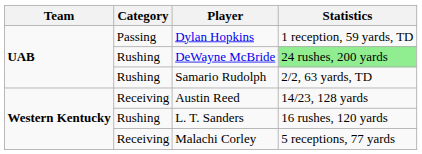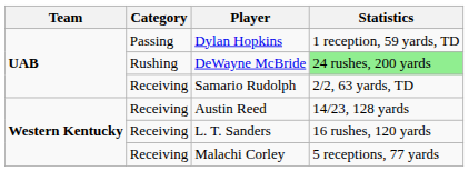 <table class="wikitable" style="float: left;">
 <tr>
 <th>Team</th>
 <th>Category</th>
 <th>Player</th>
 <th>Statistics</th>
 </tr>
 <tr>
 <td rowspan=3><strong>UAB</strong></td>
 <td>Passing</td>
 <td><a href='#'>Dylan Hopkins</a></td>
 <td>1 reception, 59 yards, TD</td>
 </tr>
 <tr>
 <td>Rushing</td>
 <td><a href='#'>DeWayne McBride</a></td>
 <td style="background: lightgreen;">24 rushes, 200 yards</td>
 </tr>
 <tr>
-<td>Rushing</td>
+<td>Receiving</td>
 <td>Samario Rudolph</td>
 <td>2/2, 63 yards, TD</td>
 </tr>
 <tr>
 <td rowspan=3><strong>Western Kentucky</strong></td>
 <td>Receiving</td>
 <td>Austin Reed</td>
 <td>14/23, 128 yards</td>
 </tr>
 <tr>
-<td>Rushing</td>
+<td>Receiving</td>
 <td>L. T. Sanders</td>
 <td>16 rushes, 120 yards</td>
 </tr>
 <tr>
 <td>Receiving</td>
 <td>Malachi Corley</td>
 <td>5 receptions, 77 yards</td>
 </tr>
 </table>
